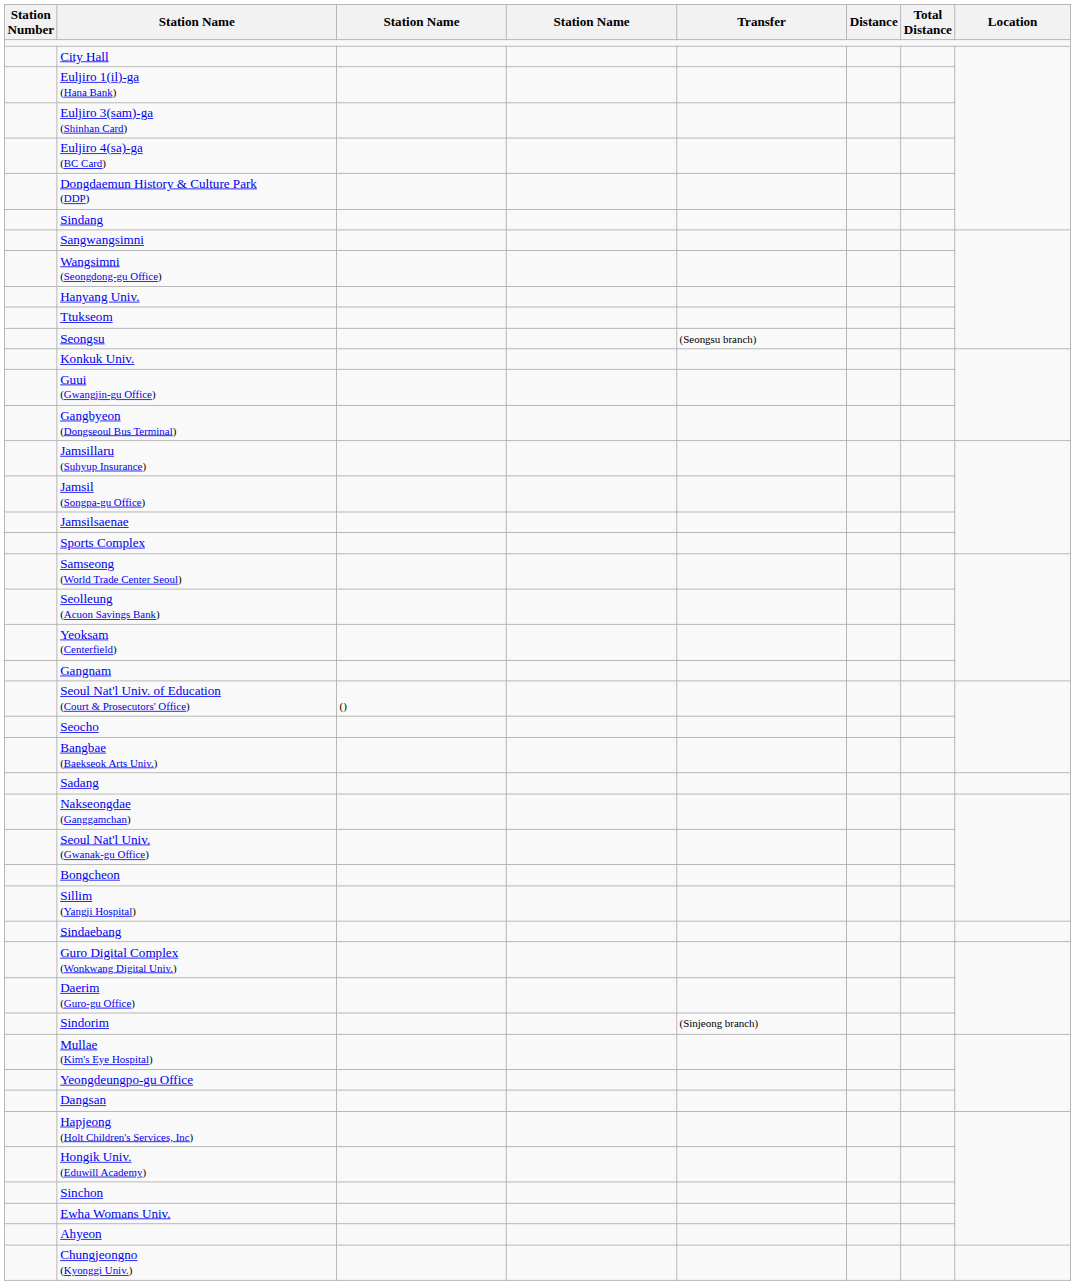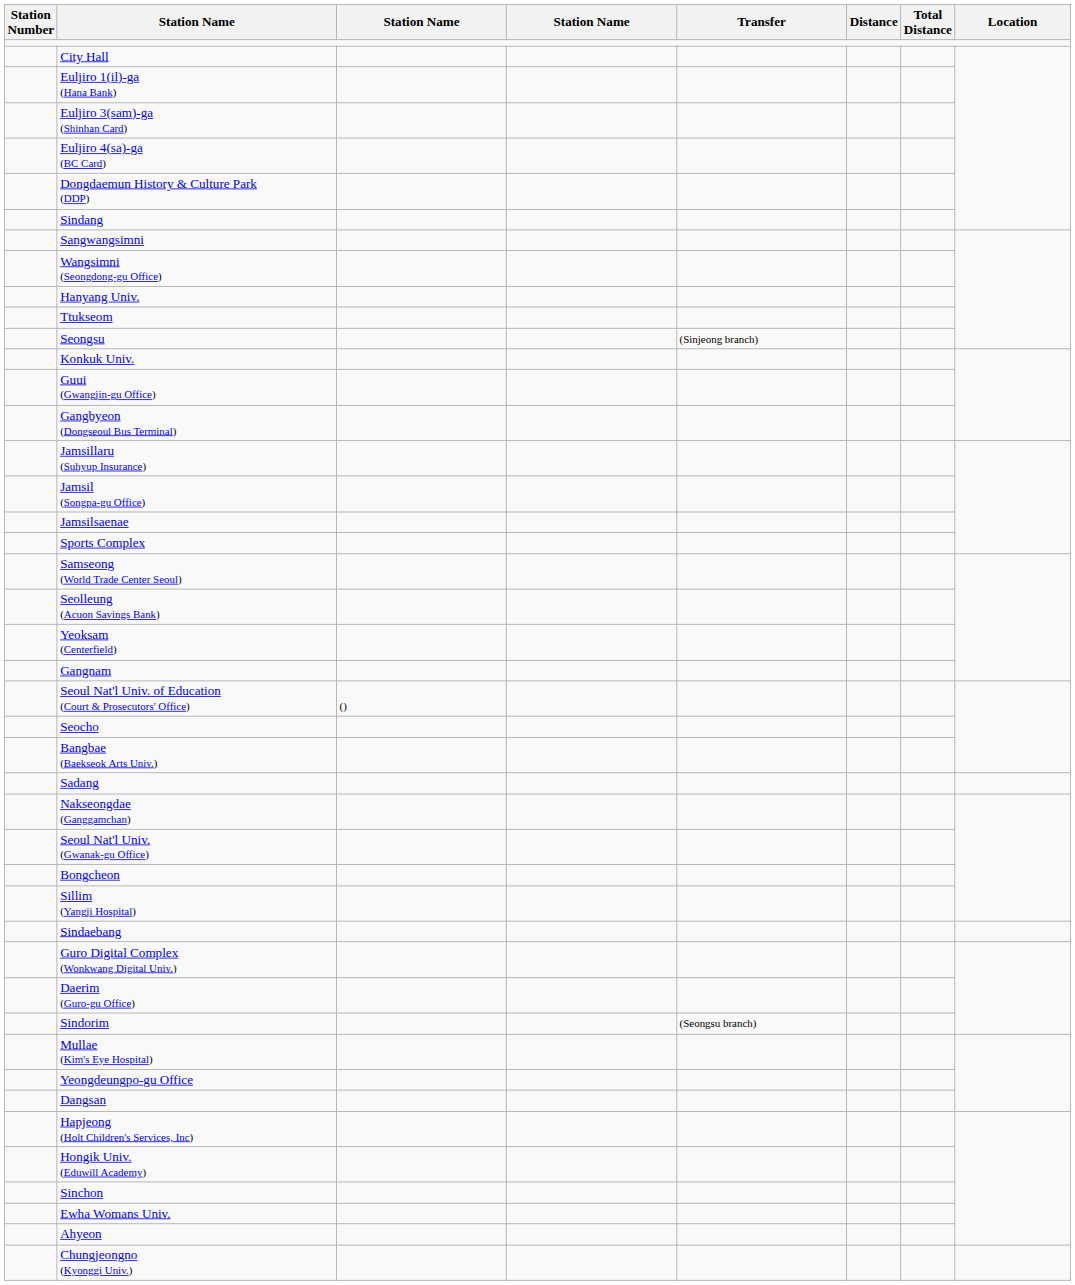 <table class="wikitable">
 <tr>
 <th>Station<br>Number</th>
 <th style="width:250pt;">Station Name<br></th>
 <th style="width:150pt;">Station Name<br></th>
 <th style="width:150pt;">Station Name<br></th>
 <th style="width:150pt;">Transfer</th>
 <th>Distance<br></th>
 <th>Total<br>Distance</th>
 <th>Location</th>
 </tr>
 <tr style="background:#">
 <td colspan = "10"></td>
 </tr>
 <tr>
 <td></td>
 <td><a href='#'>City Hall</a></td>
 <td></td>
 <td></td>
 <td></td>
 <td></td>
 <td></td>
 <td rowspan="6" style="width:100pt;"></td>
 </tr>
 <tr>
 <td></td>
 <td><a href='#'>Euljiro 1(il)-ga</a> <br><small>(<a href='#'>Hana Bank</a>)</small></td>
 <td></td>
 <td></td>
 <td></td>
 <td></td>
 <td></td>
 </tr>
 <tr>
 <td></td>
 <td><a href='#'>Euljiro 3(sam)-ga</a> <br><small>(<a href='#'>Shinhan Card</a>)</small></td>
 <td></td>
 <td></td>
 <td></td>
 <td></td>
 <td></td>
 </tr>
 <tr>
 <td></td>
 <td><a href='#'>Euljiro 4(sa)-ga</a> <br><small>(<a href='#'>BC Card</a>)</small></td>
 <td></td>
 <td></td>
 <td></td>
 <td></td>
 <td></td>
 </tr>
 <tr>
 <td></td>
 <td><a href='#'>Dongdaemun History & Culture Park</a> <br><small>(<a href='#'>DDP</a>)</small></td>
 <td></td>
 <td></td>
 <td> </td>
 <td></td>
 <td></td>
 </tr>
 <tr>
 <td></td>
 <td><a href='#'>Sindang</a></td>
 <td></td>
 <td></td>
 <td></td>
 <td></td>
 <td></td>
 </tr>
 <tr>
 <td></td>
 <td><a href='#'>Sangwangsimni</a></td>
 <td></td>
 <td></td>
 <td></td>
 <td></td>
 <td></td>
 <td rowspan = "5"></td>
 </tr>
 <tr>
 <td></td>
 <td><a href='#'>Wangsimni</a> <br><small>(<a href='#'>Seongdong-gu Office</a>)</small></td>
 <td></td>
 <td></td>
 <td>  </td>
 <td></td>
 <td></td>
 </tr>
 <tr>
 <td></td>
 <td><a href='#'>Hanyang Univ.</a></td>
 <td></td>
 <td></td>
 <td></td>
 <td></td>
 <td></td>
 </tr>
 <tr>
 <td></td>
 <td><a href='#'>Ttukseom</a></td>
 <td></td>
 <td></td>
 <td></td>
 <td></td>
 <td></td>
 </tr>
 <tr>
 <td></td>
 <td><a href='#'>Seongsu</a></td>
 <td></td>
 <td></td>
-<td> <small>(Seongsu branch)</small></td>
+<td>  <small>(Sinjeong branch)</small></td>
 <td></td>
 <td></td>
 </tr>
 <tr>
 <td></td>
 <td><a href='#'>Konkuk Univ.</a></td>
 <td></td>
 <td></td>
 <td></td>
 <td></td>
 <td></td>
 <td rowspan = "3"></td>
 </tr>
 <tr>
 <td></td>
 <td><a href='#'>Guui</a> <br><small>(<a href='#'>Gwangjin-gu Office</a>)</small></td>
 <td></td>
 <td></td>
 <td></td>
 <td></td>
 <td></td>
 </tr>
 <tr>
 <td></td>
 <td><a href='#'>Gangbyeon</a> <br><small>(<a href='#'>Dongseoul Bus Terminal</a>)</small></td>
 <td></td>
 <td></td>
 <td></td>
 <td></td>
 <td></td>
 </tr>
 <tr>
 <td></td>
 <td><a href='#'>Jamsillaru</a><br><small>(<a href='#'>Suhyup Insurance</a>)</small></td>
 <td></td>
 <td></td>
 <td></td>
 <td></td>
 <td></td>
 <td rowspan = "4"></td>
 </tr>
 <tr>
 <td></td>
 <td><a href='#'>Jamsil</a> <br><small>(<a href='#'>Songpa-gu Office</a>)</small></td>
 <td></td>
 <td></td>
 <td></td>
 <td></td>
 <td></td>
 </tr>
 <tr>
 <td></td>
 <td><a href='#'>Jamsilsaenae</a></td>
 <td></td>
 <td></td>
 <td></td>
 <td></td>
 <td></td>
 </tr>
 <tr>
 <td></td>
 <td><a href='#'>Sports Complex</a></td>
 <td></td>
 <td></td>
 <td></td>
 <td></td>
 <td></td>
 </tr>
 <tr>
 <td></td>
 <td><a href='#'>Samseong</a> <br><small>(<a href='#'>World Trade Center Seoul</a>)</small></td>
 <td></td>
 <td></td>
 <td></td>
 <td></td>
 <td></td>
 <td rowspan = "4"></td>
 </tr>
 <tr>
 <td></td>
 <td><a href='#'>Seolleung</a> <br><small>(<a href='#'>Acuon Savings Bank</a>)</small></td>
 <td></td>
 <td></td>
 <td></td>
 <td></td>
 <td></td>
 </tr>
 <tr>
 <td></td>
 <td><a href='#'>Yeoksam</a><br><small>(<a href='#'>Centerfield</a>)</small></td>
 <td></td>
 <td></td>
 <td></td>
 <td></td>
 <td></td>
 </tr>
 <tr>
 <td></td>
 <td><a href='#'>Gangnam</a></td>
 <td></td>
 <td></td>
 <td></td>
 <td></td>
 <td></td>
 </tr>
 <tr>
 <td></td>
 <td><a href='#'>Seoul Nat'l Univ. of Education</a><br><small>(<a href='#'>Court & Prosecutors' Office</a>)</small></td>
 <td><br><small>()</small></td>
 <td></td>
 <td></td>
 <td></td>
 <td></td>
 <td rowspan = "3"></td>
 </tr>
 <tr>
 <td></td>
 <td><a href='#'>Seocho</a></td>
 <td></td>
 <td></td>
 <td></td>
 <td></td>
 <td></td>
 </tr>
 <tr>
 <td></td>
 <td><a href='#'>Bangbae</a> <br><small>(<a href='#'>Baekseok Arts Univ.</a>)</small></td>
 <td></td>
 <td></td>
 <td></td>
 <td></td>
 <td></td>
 </tr>
 <tr>
 <td></td>
 <td><a href='#'>Sadang</a></td>
 <td></td>
 <td></td>
 <td></td>
 <td></td>
 <td></td>
 <td></td>
 </tr>
 <tr>
 <td></td>
 <td><a href='#'>Nakseongdae</a> <br><small>(<a href='#'>Ganggamchan</a>)</small></td>
 <td></td>
 <td></td>
 <td></td>
 <td></td>
 <td></td>
 <td rowspan = "4"></td>
 </tr>
 <tr>
 <td></td>
 <td><a href='#'>Seoul Nat'l Univ.</a> <br><small>(<a href='#'>Gwanak-gu Office</a>)</small></td>
 <td></td>
 <td></td>
 <td></td>
 <td></td>
 <td></td>
 </tr>
 <tr>
 <td></td>
 <td><a href='#'>Bongcheon</a></td>
 <td></td>
 <td></td>
 <td></td>
 <td></td>
 <td></td>
 </tr>
 <tr>
 <td></td>
 <td><a href='#'>Sillim</a> <br><small>(<a href='#'>Yangji Hospital</a>)</small></td>
 <td></td>
 <td></td>
 <td></td>
 <td></td>
 <td></td>
 </tr>
 <tr>
 <td></td>
 <td><a href='#'>Sindaebang</a></td>
 <td></td>
 <td></td>
 <td></td>
 <td></td>
 <td></td>
 <td></td>
 </tr>
 <tr>
 <td></td>
 <td><a href='#'>Guro Digital Complex</a> <br><small>(<a href='#'>Wonkwang Digital Univ.</a>)</small></td>
 <td></td>
 <td></td>
 <td></td>
 <td></td>
 <td></td>
 <td rowspan = "3"></td>
 </tr>
 <tr>
 <td></td>
 <td><a href='#'>Daerim</a> <br><small>(<a href='#'>Guro-gu Office</a>)</small></td>
 <td></td>
 <td></td>
 <td></td>
 <td></td>
 <td></td>
 </tr>
 <tr>
 <td></td>
 <td><a href='#'>Sindorim</a></td>
 <td></td>
 <td></td>
-<td>  <small>(Sinjeong branch)</small></td>
+<td> <small>(Seongsu branch)</small></td>
 <td></td>
 <td></td>
 </tr>
 <tr>
 <td></td>
 <td><a href='#'>Mullae</a> <br><small>(<a href='#'>Kim's Eye Hospital</a>)</small></td>
 <td></td>
 <td></td>
 <td></td>
 <td></td>
 <td></td>
 <td rowspan = "3"></td>
 </tr>
 <tr>
 <td></td>
 <td><a href='#'>Yeongdeungpo-gu Office</a></td>
 <td></td>
 <td></td>
 <td></td>
 <td></td>
 <td></td>
 </tr>
 <tr>
 <td></td>
 <td><a href='#'>Dangsan</a></td>
 <td></td>
 <td></td>
 <td></td>
 <td></td>
 <td></td>
 </tr>
 <tr>
 <td></td>
 <td><a href='#'>Hapjeong</a> <br><small>(<a href='#'>Holt Children's Services, Inc</a>)</small></td>
 <td></td>
 <td></td>
 <td></td>
 <td></td>
 <td></td>
 <td rowspan = "5"></td>
 </tr>
 <tr>
 <td></td>
 <td><a href='#'>Hongik Univ.</a><br><small>(<a href='#'>Eduwill Academy</a>)</small></td>
 <td></td>
 <td></td>
 <td> </td>
 <td></td>
 <td></td>
 </tr>
 <tr>
 <td></td>
 <td><a href='#'>Sinchon</a></td>
 <td></td>
 <td></td>
 <td></td>
 <td></td>
 <td></td>
 </tr>
 <tr>
 <td></td>
 <td><a href='#'>Ewha Womans Univ.</a></td>
 <td></td>
 <td></td>
 <td></td>
 <td></td>
 <td></td>
 </tr>
 <tr>
 <td></td>
 <td><a href='#'>Ahyeon</a></td>
 <td></td>
 <td></td>
 <td></td>
 <td></td>
 <td></td>
 </tr>
 <tr>
 <td></td>
 <td><a href='#'>Chungjeongno</a> <br><small>(<a href='#'>Kyonggi Univ.</a>)</small></td>
 <td></td>
 <td></td>
 <td></td>
 <td></td>
 <td></td>
 <td></td>
 </tr>
 </table>
